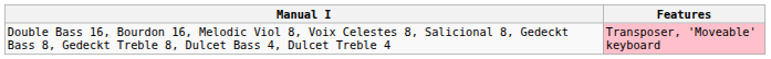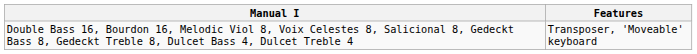 <table class="wikitable">
 <tr>
 <th>Manual I</th>
 <th>Features</th>
 </tr>
 <tr>
 <td>Double Bass 16, Bourdon 16, Melodic Viol 8, Voix Celestes 8, Salicional 8, Gedeckt Bass 8, Gedeckt Treble 8, Dulcet Bass 4, Dulcet Treble 4</td>
-<td style="background: pink;">Transposer, 'Moveable' keyboard</td>
+<td>Transposer, 'Moveable' keyboard</td>
 </tr>
 </table>
